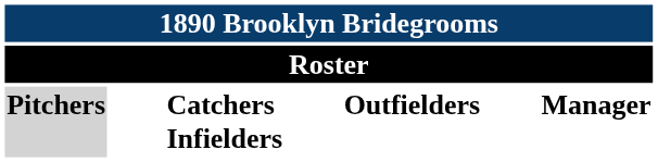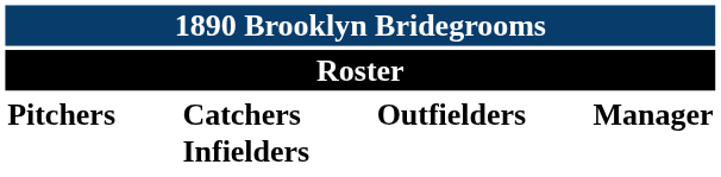 <table class="toccolours" style="font-size: 95%;">
 <tr>
 <th colspan="10" style="background-color: #083c6b; color: white; text-align: center;">1890 Brooklyn Bridegrooms</th>
 </tr>
 <tr>
 <td colspan="10" style="background-color: black; color: white; text-align: center;"><strong>Roster</strong></td>
 </tr>
 <tr>
-<td valign="top" style="background: lightgrey;"><strong>Pitchers</strong><br>  </td>
+<td valign="top"><strong>Pitchers</strong><br>  </td>
 <td width="25px"></td>
 <td valign="top"><strong>Catchers</strong><br>    <strong>Infielders</strong>    </td>
 <td width="25px"></td>
 <td valign="top"><strong>Outfielders</strong><br>     </td>
 <td width="25px"></td>
 <td valign="top"><strong>Manager</strong><br></td>
 </tr>
 </table>
